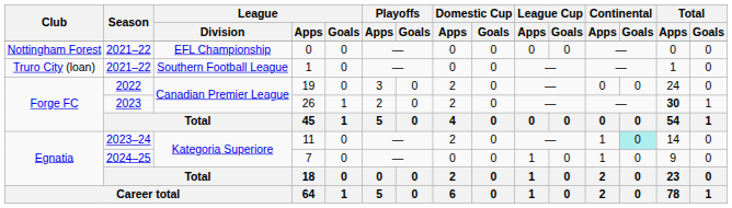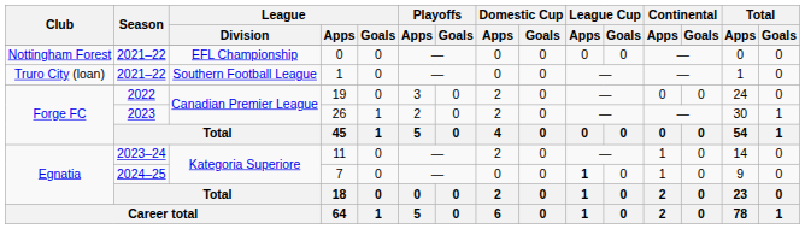 <table class="wikitable" style="text-align:center">
 <tr>
 <th rowspan="2">Club</th>
 <th rowspan="2">Season</th>
 <th colspan="3">League</th>
 <th colspan="2">Playoffs</th>
 <th colspan="2">Domestic Cup</th>
 <th colspan="2">League Cup</th>
 <th colspan="2">Continental</th>
 <th colspan="2">Total</th>
 </tr>
 <tr>
 <th>Division</th>
 <th>Apps</th>
 <th>Goals</th>
 <th>Apps</th>
 <th>Goals</th>
 <th>Apps</th>
 <th>Goals</th>
 <th>Apps</th>
 <th>Goals</th>
 <th>Apps</th>
 <th>Goals</th>
 <th>Apps</th>
 <th>Goals</th>
 </tr>
 <tr>
 </tr>
 <tr>
 <td><a href='#'>Nottingham Forest</a></td>
 <td><a href='#'>2021–22</a></td>
 <td><a href='#'>EFL Championship</a></td>
 <td>0</td>
 <td>0</td>
 <td colspan="2">—</td>
 <td>0</td>
 <td>0</td>
 <td>0</td>
 <td>0</td>
 <td colspan="2">—</td>
 <td>0</td>
 <td>0</td>
 </tr>
 <tr>
 <td><a href='#'>Truro City</a> (loan)</td>
 <td><a href='#'>2021–22</a></td>
 <td><a href='#'>Southern Football League</a></td>
 <td>1</td>
 <td>0</td>
 <td colspan="2">—</td>
 <td>0</td>
 <td>0</td>
 <td colspan="2">—</td>
 <td colspan="2">—</td>
 <td>1</td>
 <td>0</td>
 </tr>
 <tr>
 <td rowspan=3><a href='#'>Forge FC</a></td>
 <td><a href='#'>2022</a></td>
 <td rowspan=2><a href='#'>Canadian Premier League</a></td>
 <td>19</td>
 <td>0</td>
 <td>3</td>
 <td>0</td>
 <td>2</td>
 <td>0</td>
 <td colspan="2">—</td>
 <td>0</td>
 <td>0</td>
 <td>24</td>
 <td>0</td>
 </tr>
 <tr>
 <td><a href='#'>2023</a></td>
 <td>26</td>
 <td>1</td>
 <td>2</td>
 <td>0</td>
 <td>2</td>
 <td>0</td>
 <td colspan="2">—</td>
 <td colspan="2">—</td>
-<td><strong>30</strong></td>
+<td>30</td>
 <td>1</td>
 </tr>
 <tr>
 <th colspan="2">Total</th>
 <th>45</th>
 <th>1</th>
 <th>5</th>
 <th>0</th>
 <th>4</th>
 <th>0</th>
 <th>0</th>
 <th>0</th>
 <th>0</th>
 <th>0</th>
 <th>54</th>
 <th>1</th>
 </tr>
 <tr>
 <td rowspan=3><a href='#'>Egnatia</a></td>
 <td><a href='#'>2023–24</a></td>
 <td rowspan=2><a href='#'>Kategoria Superiore</a></td>
 <td>11</td>
 <td>0</td>
 <td colspan="2">—</td>
 <td>2</td>
 <td>0</td>
 <td colspan="2">—</td>
 <td>1</td>
-<td style="background: paleturquoise;">0</td>
+<td>0</td>
 <td>14</td>
 <td>0</td>
 </tr>
 <tr>
 <td><a href='#'>2024–25</a></td>
 <td>7</td>
 <td>0</td>
 <td colspan="2">—</td>
 <td>0</td>
 <td>0</td>
-<td>1</td>
+<td><strong>1</strong></td>
 <td>0</td>
 <td>1</td>
 <td>0</td>
 <td>9</td>
 <td>0</td>
 </tr>
 <tr>
 <th colspan="2">Total</th>
 <th>18</th>
 <th>0</th>
 <th>0</th>
 <th>0</th>
 <th>2</th>
 <th>0</th>
 <th>1</th>
 <th>0</th>
 <th>2</th>
 <th>0</th>
 <th>23</th>
 <th>0</th>
 </tr>
 <tr>
 <th colspan="3">Career total</th>
 <th>64</th>
 <th>1</th>
 <th>5</th>
 <th>0</th>
 <th>6</th>
 <th>0</th>
 <th>1</th>
 <th>0</th>
 <th>2</th>
 <th>0</th>
 <th>78</th>
 <th>1</th>
 </tr>
 </table>
